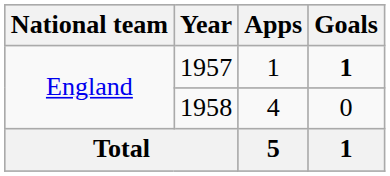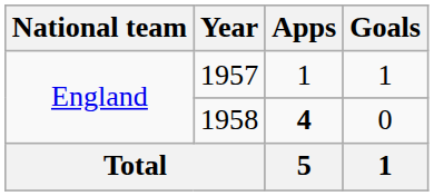 <table class="wikitable" style="text-align:center">
 <tr>
 <th>National team</th>
 <th>Year</th>
 <th>Apps</th>
 <th>Goals</th>
 </tr>
 <tr>
 <td rowspan="2"><a href='#'>England</a></td>
 <td>1957</td>
 <td>1</td>
-<td><strong>1</strong></td>
+<td>1</td>
 </tr>
 <tr>
 <td>1958</td>
-<td>4</td>
+<td><strong>4</strong></td>
 <td>0</td>
 </tr>
 <tr>
 <th colspan="2">Total</th>
 <th>5</th>
 <th>1</th>
 </tr>
 </table>
